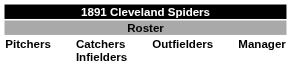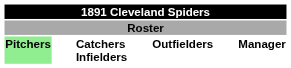 <table class="toccolours" style="font-size: 95%;">
 <tr>
 <th colspan="10" style="background-color: #000000; color: #FFFFFF; text-align: center;">1891 Cleveland Spiders</th>
 </tr>
 <tr>
 <td colspan="10" style="background-color: #A9A9A9; color: #000000; text-align: center;"><strong>Roster</strong></td>
 </tr>
 <tr>
-<td valign="top"><strong>Pitchers</strong><br>      </td>
+<td valign="top" style="background: lightgreen;"><strong>Pitchers</strong><br>      </td>
 <td width="25px"></td>
 <td valign="top"><strong>Catchers</strong><br>  <strong>Infielders</strong>      </td>
 <td width="25px"></td>
 <td valign="top"><strong>Outfielders</strong><br>        </td>
 <td width="25px"></td>
 <td valign="top"><strong>Manager</strong><br> </td>
 </tr>
 </table>
